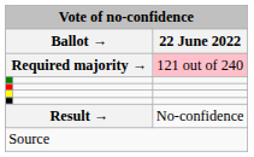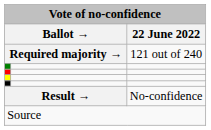 <table class="wikitable" style="text-align:center; font-size:98%;">
 <tr>
 <td colspan="3" align="center" bgcolor="#C0C0C0"><strong>Vote of no-confidence</strong></td>
 </tr>
 <tr>
 <th colspan="2" style="width:150px;">Ballot →</th>
 <th>22 June 2022</th>
 </tr>
 <tr>
 <th colspan="2">Required majority →</th>
-<td style="background: pink;">121 out of 240</td>
+<td>121 out of 240</td>
 </tr>
 <tr>
 <th style="background:green;"></th>
 <td style="text-align:left;"></td>
 <td></td>
 </tr>
 <tr>
 <th style="width:1px; background:red;"></th>
 <td style="text-align:left;"></td>
 <td></td>
 </tr>
 <tr>
 <th style="background:yellow;"></th>
 <td style="text-align:left;"></td>
 <td></td>
 </tr>
 <tr>
 <th style="background:black;"></th>
 <td style="text-align:left;"></td>
 <td></td>
 </tr>
 <tr>
 <th colspan="2">Result →</th>
 <td>No-confidence </td>
 </tr>
 <tr>
 <td style="text-align:left;" colspan="3">Source</td>
 </tr>
 </table>
